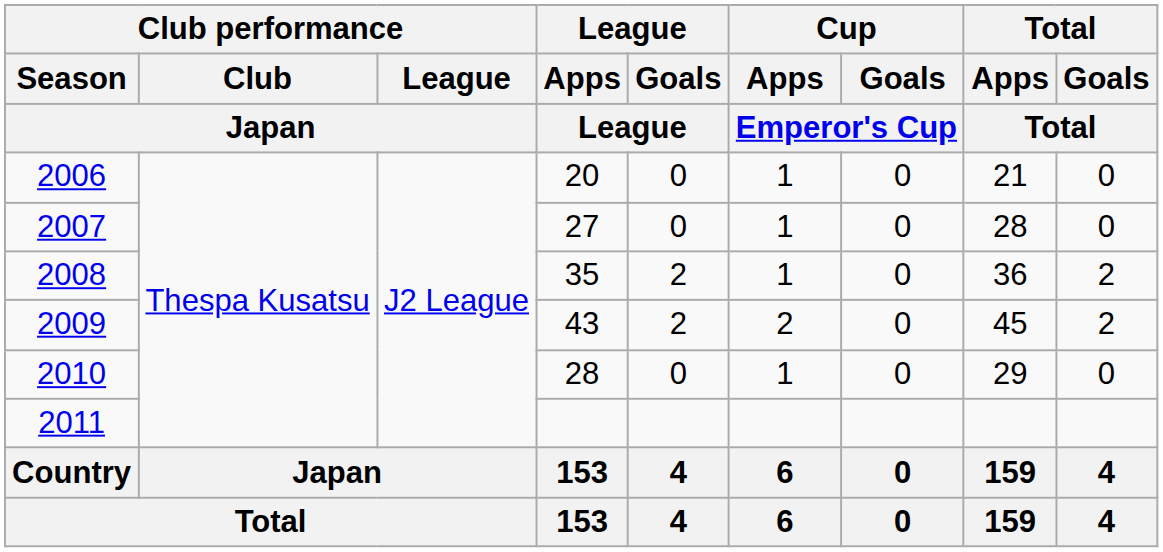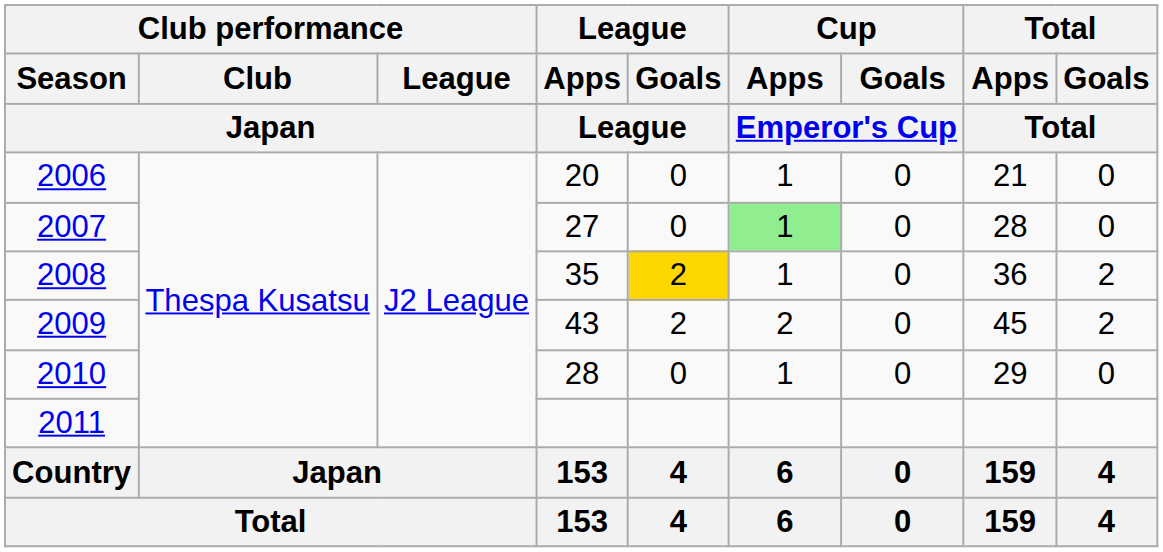 <table class="wikitable" style="text-align:center;">
 <tr>
 <th colspan=3>Club performance</th>
 <th colspan=2>League</th>
 <th colspan=2>Cup</th>
 <th colspan=2>Total</th>
 </tr>
 <tr>
 <th>Season</th>
 <th>Club</th>
 <th>League</th>
 <th>Apps</th>
 <th>Goals</th>
 <th>Apps</th>
 <th>Goals</th>
 <th>Apps</th>
 <th>Goals</th>
 </tr>
 <tr>
 <th colspan=3>Japan</th>
 <th colspan=2>League</th>
 <th colspan=2><a href='#'>Emperor's Cup</a></th>
 <th colspan=2>Total</th>
 </tr>
 <tr>
 <td><a href='#'>2006</a></td>
 <td rowspan="6"><a href='#'>Thespa Kusatsu</a></td>
 <td rowspan="6"><a href='#'>J2 League</a></td>
 <td>20</td>
 <td>0</td>
 <td>1</td>
 <td>0</td>
 <td>21</td>
 <td>0</td>
 </tr>
 <tr>
 <td><a href='#'>2007</a></td>
 <td>27</td>
 <td>0</td>
-<td>1</td>
+<td style="background: lightgreen;">1</td>
 <td>0</td>
 <td>28</td>
 <td>0</td>
 </tr>
 <tr>
 <td><a href='#'>2008</a></td>
 <td>35</td>
-<td>2</td>
+<td style="background: gold;">2</td>
 <td>1</td>
 <td>0</td>
 <td>36</td>
 <td>2</td>
 </tr>
 <tr>
 <td><a href='#'>2009</a></td>
 <td>43</td>
 <td>2</td>
 <td>2</td>
 <td>0</td>
 <td>45</td>
 <td>2</td>
 </tr>
 <tr>
 <td><a href='#'>2010</a></td>
 <td>28</td>
 <td>0</td>
 <td>1</td>
 <td>0</td>
 <td>29</td>
 <td>0</td>
 </tr>
 <tr>
 <td><a href='#'>2011</a></td>
 <td></td>
 <td></td>
 <td></td>
 <td></td>
 <td></td>
 <td></td>
 </tr>
 <tr>
 <th rowspan=1>Country</th>
 <th colspan=2>Japan</th>
 <th>153</th>
 <th>4</th>
 <th>6</th>
 <th>0</th>
 <th>159</th>
 <th>4</th>
 </tr>
 <tr>
 <th colspan=3>Total</th>
 <th>153</th>
 <th>4</th>
 <th>6</th>
 <th>0</th>
 <th>159</th>
 <th>4</th>
 </tr>
 </table>
